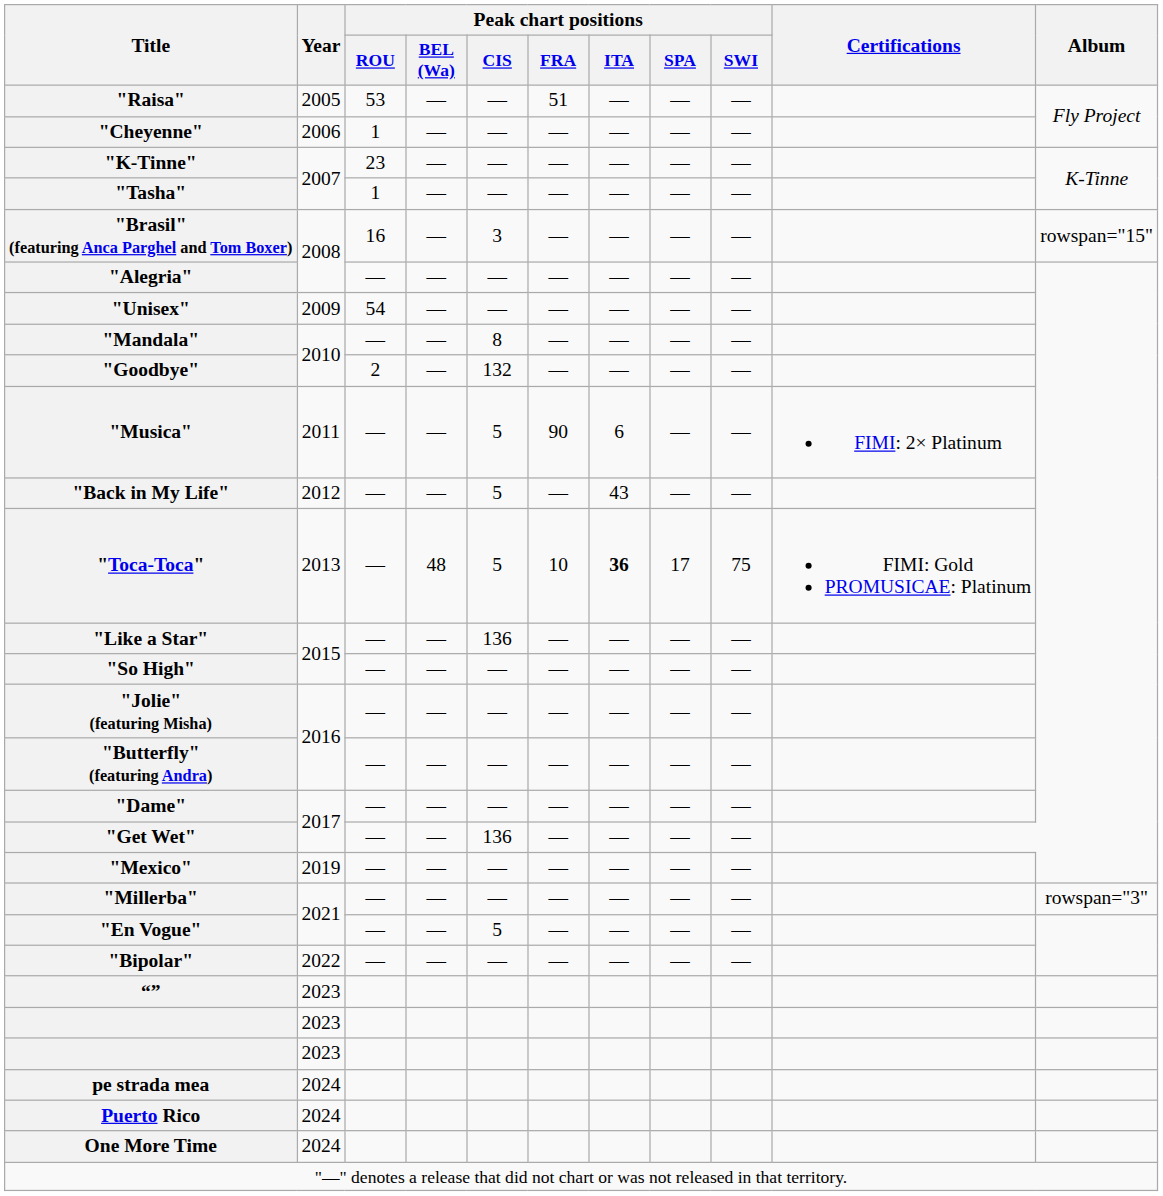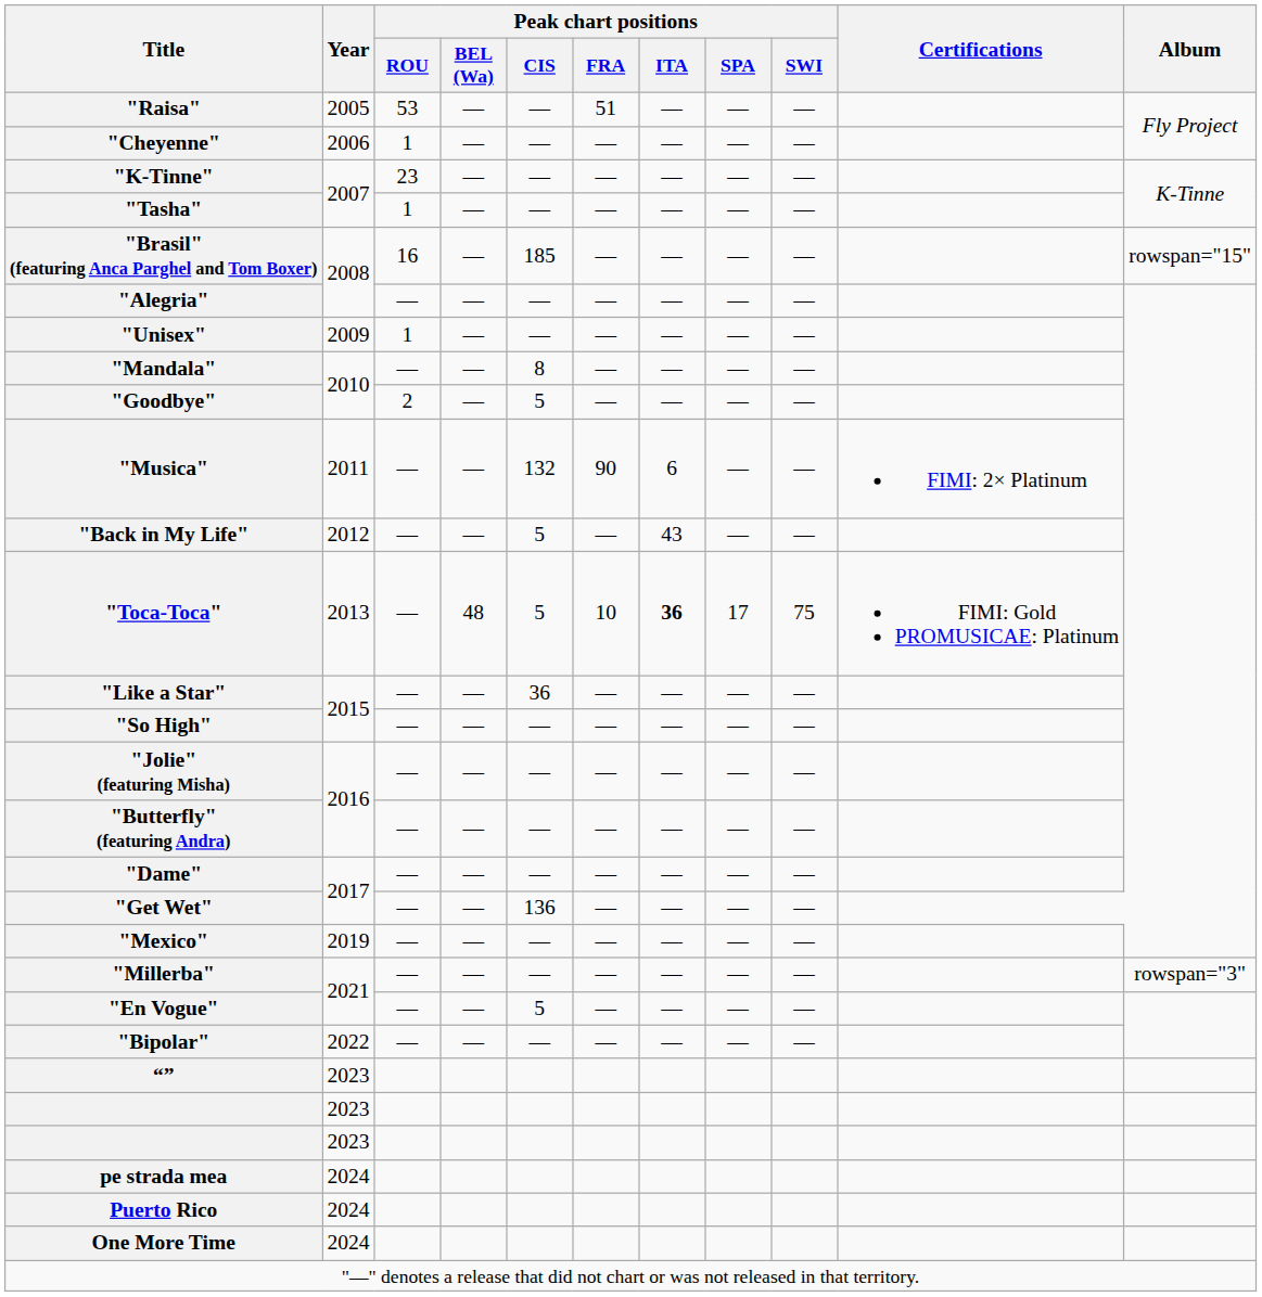 <table class="wikitable plainrowheaders" style="text-align:center;">
 <tr>
 <th scope="col" rowspan="2">Title</th>
 <th scope="col" rowspan="2">Year</th>
 <th scope="col" colspan="7">Peak chart positions</th>
 <th scope="col" rowspan="2"><a href='#'>Certifications</a></th>
 <th scope="col" rowspan="2">Album</th>
 </tr>
 <tr>
 <th scope="col" style="width:3em;font-size:90%;"><a href='#'>ROU</a><br></th>
 <th scope="col" style="width:3em;font-size:90%;"><a href='#'>BEL<br>(Wa)</a><br></th>
 <th scope="col" style="width:3em;font-size:90%;"><a href='#'>CIS</a><br></th>
 <th scope="col" style="width:3em;font-size:90%;"><a href='#'>FRA</a><br></th>
 <th scope="col" style="width:3em;font-size:90%;"><a href='#'>ITA</a><br></th>
 <th scope="col" style="width:3em;font-size:90%;"><a href='#'>SPA</a><br></th>
 <th scope="col" style="width:3em;font-size:90%;"><a href='#'>SWI</a><br></th>
 </tr>
 <tr>
 <th scope="row">"Raisa"</th>
 <td>2005</td>
 <td>53</td>
 <td>—</td>
 <td>—</td>
 <td>51</td>
 <td>—</td>
 <td>—</td>
 <td>—</td>
 <td></td>
 <td rowspan="2"><em>Fly Project</em></td>
 </tr>
 <tr>
 <th scope="row">"Cheyenne"</th>
 <td>2006</td>
 <td>1</td>
 <td>—</td>
 <td>—</td>
 <td>—</td>
 <td>—</td>
 <td>—</td>
 <td>—</td>
 <td></td>
 </tr>
 <tr>
 <th scope="row">"K-Tinne"</th>
 <td rowspan="2">2007</td>
 <td>23</td>
 <td>—</td>
 <td>—</td>
 <td>—</td>
 <td>—</td>
 <td>—</td>
 <td>—</td>
 <td></td>
 <td rowspan="2"><em>K-Tinne</em></td>
 </tr>
 <tr>
 <th scope="row">"Tasha"</th>
 <td>1</td>
 <td>—</td>
 <td>—</td>
 <td>—</td>
 <td>—</td>
 <td>—</td>
 <td>—</td>
 <td></td>
 </tr>
 <tr>
 <th scope="row">"Brasil" <br><small>(featuring <a href='#'>Anca Parghel</a> and <a href='#'>Tom Boxer</a>)</small></th>
 <td rowspan="2">2008</td>
 <td>16</td>
 <td>—</td>
-<td>3</td>
+<td>185</td>
 <td>—</td>
 <td>—</td>
 <td>—</td>
 <td>—</td>
 <td></td>
 <td>rowspan="15" </td>
 </tr>
 <tr>
 <th scope="row">"Alegria"</th>
 <td>—</td>
 <td>—</td>
 <td>—</td>
 <td>—</td>
 <td>—</td>
 <td>—</td>
 <td>—</td>
 <td></td>
 </tr>
 <tr>
 <th scope="row">"Unisex"</th>
 <td>2009</td>
-<td>54</td>
+<td>1</td>
 <td>—</td>
 <td>—</td>
 <td>—</td>
 <td>—</td>
 <td>—</td>
 <td>—</td>
 <td></td>
 </tr>
 <tr>
 <th scope="row">"Mandala"</th>
 <td rowspan="2">2010</td>
 <td>—</td>
 <td>—</td>
 <td>8</td>
 <td>—</td>
 <td>—</td>
 <td>—</td>
 <td>—</td>
 <td></td>
 </tr>
 <tr>
 <th scope="row">"Goodbye"</th>
 <td>2</td>
 <td>—</td>
-<td>132</td>
+<td>5</td>
 <td>—</td>
 <td>—</td>
 <td>—</td>
 <td>—</td>
 <td></td>
 </tr>
 <tr>
 <th scope="row">"Musica"</th>
 <td>2011</td>
 <td>—</td>
 <td>—</td>
-<td>5</td>
+<td>132</td>
 <td>90</td>
 <td>6</td>
 <td>—</td>
 <td>—</td>
 <td><br><ul><li><a href='#'>FIMI</a>: 2× Platinum</li></ul></td>
 </tr>
 <tr>
 <th scope="row">"Back in My Life"</th>
 <td>2012</td>
 <td>—</td>
 <td>—</td>
 <td>5</td>
 <td>—</td>
 <td>43</td>
 <td>—</td>
 <td>—</td>
 <td></td>
 </tr>
 <tr>
 <th scope="row">"<a href='#'>Toca-Toca</a>"</th>
 <td>2013</td>
 <td>—</td>
 <td>48</td>
 <td>5</td>
 <td>10</td>
 <td><strong>36</strong></td>
 <td>17</td>
 <td>75</td>
 <td><br><ul><li>FIMI: Gold</li><li><a href='#'>PROMUSICAE</a>: Platinum</li></ul></td>
 </tr>
 <tr>
 <th scope="row">"Like a Star"</th>
 <td rowspan="2">2015</td>
 <td>—</td>
 <td>—</td>
-<td>136</td>
+<td>36</td>
 <td>—</td>
 <td>—</td>
 <td>—</td>
 <td>—</td>
 <td></td>
 </tr>
 <tr>
 <th scope="row">"So High"</th>
 <td>—</td>
 <td>—</td>
 <td>—</td>
 <td>—</td>
 <td>—</td>
 <td>—</td>
 <td>—</td>
 <td></td>
 </tr>
 <tr>
 <th scope="row">"Jolie"<br><small>(featuring Misha)</small></th>
 <td rowspan="2">2016</td>
 <td>—</td>
 <td>—</td>
 <td>—</td>
 <td>—</td>
 <td>—</td>
 <td>—</td>
 <td>—</td>
 <td></td>
 </tr>
 <tr>
 <th scope="row">"Butterfly"<br><small>(featuring <a href='#'>Andra</a>)</small></th>
 <td>—</td>
 <td>—</td>
 <td>—</td>
 <td>—</td>
 <td>—</td>
 <td>—</td>
 <td>—</td>
 <td></td>
 </tr>
 <tr>
 <th scope="row">"Dame"</th>
 <td rowspan="2">2017</td>
 <td>—</td>
 <td>—</td>
 <td>—</td>
 <td>—</td>
 <td>—</td>
 <td>—</td>
 <td>—</td>
 <td></td>
 </tr>
 <tr>
 <th scope="row">"Get Wet"</th>
 <td>—</td>
 <td>—</td>
 <td>136</td>
 <td>—</td>
 <td>—</td>
 <td>—</td>
 <td>—</td>
 </tr>
 <tr>
 <th scope="row">"Mexico"</th>
 <td>2019</td>
 <td>—</td>
 <td>—</td>
 <td>—</td>
 <td>—</td>
 <td>—</td>
 <td>—</td>
 <td>—</td>
 <td></td>
 </tr>
 <tr>
 <th scope="row">"Millerba"</th>
 <td rowspan="2">2021</td>
 <td>—</td>
 <td>—</td>
 <td>—</td>
 <td>—</td>
 <td>—</td>
 <td>—</td>
 <td>—</td>
 <td></td>
 <td>rowspan="3" </td>
 </tr>
 <tr>
 <th scope="row">"En Vogue"</th>
 <td>—</td>
 <td>—</td>
 <td>5</td>
 <td>—</td>
 <td>—</td>
 <td>—</td>
 <td>—</td>
 <td></td>
 </tr>
 <tr>
 <th scope="row">"Bipolar"</th>
 <td>2022</td>
 <td>—</td>
 <td>—</td>
 <td>—</td>
 <td>—</td>
 <td>—</td>
 <td>—</td>
 <td>—</td>
 <td></td>
 </tr>
 <tr>
 <th><strong>“”</strong></th>
 <td>2023</td>
 <td></td>
 <td></td>
 <td></td>
 <td></td>
 <td></td>
 <td></td>
 <td></td>
 <td></td>
 <td></td>
 </tr>
 <tr>
 <th></th>
 <td>2023</td>
 <td></td>
 <td></td>
 <td></td>
 <td></td>
 <td></td>
 <td></td>
 <td></td>
 <td></td>
 <td></td>
 </tr>
 <tr>
 <th></th>
 <td>2023</td>
 <td></td>
 <td></td>
 <td></td>
 <td></td>
 <td></td>
 <td></td>
 <td></td>
 <td></td>
 <td></td>
 </tr>
 <tr>
 <th> pe strada mea</th>
 <td>2024</td>
 <td></td>
 <td></td>
 <td></td>
 <td></td>
 <td></td>
 <td></td>
 <td></td>
 <td></td>
 <td></td>
 </tr>
 <tr>
 <th><a href='#'>Puerto</a> Rico</th>
 <td>2024</td>
 <td></td>
 <td></td>
 <td></td>
 <td></td>
 <td></td>
 <td></td>
 <td></td>
 <td></td>
 <td></td>
 </tr>
 <tr>
 <th>One More Time</th>
 <td>2024</td>
 <td></td>
 <td></td>
 <td></td>
 <td></td>
 <td></td>
 <td></td>
 <td></td>
 <td></td>
 <td></td>
 </tr>
 <tr>
 <td colspan="15" style="font-size:90%">"—" denotes a release that did not chart or was not released in that territory.</td>
 </tr>
 </table>
